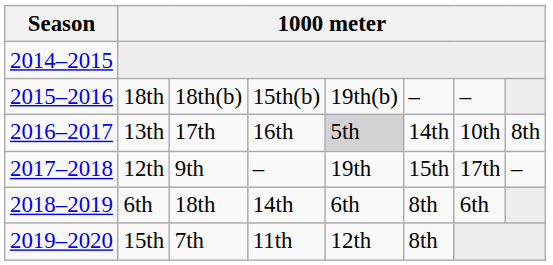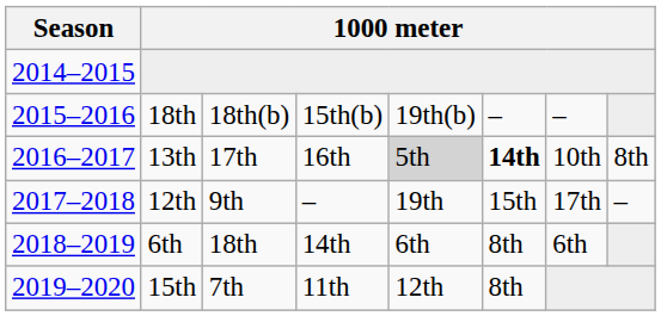 <table class="wikitable" style="display: inline-table;">
 <tr>
 <th>Season</th>
 <th colspan="12">1000 meter</th>
 </tr>
 <tr>
 <td><a href='#'>2014–2015</a></td>
 <td colspan="12" bgcolor=#EEEEEE></td>
 </tr>
 <tr>
 <td><a href='#'>2015–2016</a></td>
 <td>18th</td>
 <td>18th(b)</td>
 <td>15th(b)</td>
 <td>19th(b)</td>
 <td>–</td>
 <td>–</td>
 <td colspan="12" bgcolor=#EEEEEE></td>
 </tr>
 <tr>
 <td><a href='#'>2016–2017</a></td>
 <td>13th</td>
 <td>17th</td>
 <td>16th</td>
 <td style="background: lightgrey;">5th</td>
-<td>14th</td>
+<td><strong>14th</strong></td>
 <td>10th</td>
 <td>8th</td>
 </tr>
 <tr>
 <td><a href='#'>2017–2018</a></td>
 <td>12th</td>
 <td>9th</td>
 <td>–</td>
 <td>19th</td>
 <td>15th</td>
 <td>17th</td>
 <td>–</td>
 </tr>
 <tr>
 <td><a href='#'>2018–2019</a></td>
 <td>6th</td>
 <td>18th</td>
 <td>14th</td>
 <td>6th</td>
 <td>8th</td>
 <td>6th</td>
 <td colspan="12" bgcolor=#EEEEEE></td>
 </tr>
 <tr>
 <td><a href='#'>2019–2020</a></td>
 <td>15th</td>
 <td>7th</td>
 <td>11th</td>
 <td>12th</td>
 <td>8th</td>
 <td colspan="2" bgcolor=#EEEEEE></td>
 </tr>
 </table>
